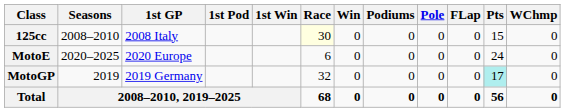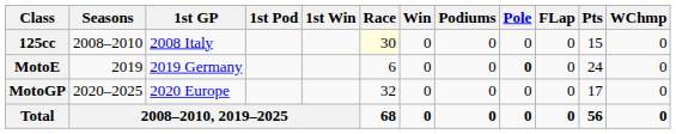 <table class="wikitable" style="text-align:right;">
 <tr>
 <th>Class</th>
 <th>Seasons</th>
 <th>1st GP</th>
 <th>1st Pod</th>
 <th>1st Win</th>
 <th>Race</th>
 <th>Win</th>
 <th>Podiums</th>
 <th><a href='#'>Pole</a></th>
 <th>FLap</th>
 <th>Pts</th>
 <th>WChmp</th>
 </tr>
 <tr>
 <th>125cc</th>
 <td>2008–2010</td>
 <td style="text-align:left;"><a href='#'>2008 Italy</a></td>
 <td style="text-align:left;"></td>
 <td style="text-align:left;"></td>
 <td style="background: lightyellow;">30</td>
 <td>0</td>
 <td>0</td>
 <td>0</td>
 <td>0</td>
 <td>15</td>
 <td>0</td>
 </tr>
 <tr>
 <th>MotoE</th>
-<td>2020–2025</td>
-<td style="text-align:left;"><a href='#'>2020 Europe</a></td>
+<td>2019</td>
+<td style="text-align:left;"><a href='#'>2019 Germany</a></td>
 <td style="text-align:left;"></td>
 <td style="text-align:left;"></td>
 <td>6</td>
 <td>0</td>
 <td>0</td>
-<td>0</td>
+<td><strong>0</strong></td>
 <td>0</td>
 <td>24</td>
 <td>0</td>
 </tr>
 <tr>
 <th>MotoGP</th>
-<td>2019</td>
-<td style="text-align:left;"><a href='#'>2019 Germany</a></td>
+<td>2020–2025</td>
+<td style="text-align:left;"><a href='#'>2020 Europe</a></td>
 <td style="text-align:left;"></td>
 <td style="text-align:left;"></td>
 <td>32</td>
 <td>0</td>
 <td>0</td>
 <td>0</td>
 <td>0</td>
-<td style="background: paleturquoise;">17</td>
+<td>17</td>
 <td>0</td>
 </tr>
 <tr>
 <th>Total</th>
 <th colspan="4">2008–2010, 2019–2025</th>
 <td><strong>68</strong></td>
 <td><strong>0</strong></td>
 <td><strong>0</strong></td>
 <td><strong>0</strong></td>
 <td><strong>0</strong></td>
 <td><strong>56</strong></td>
 <td><strong>0</strong></td>
 </tr>
 </table>
